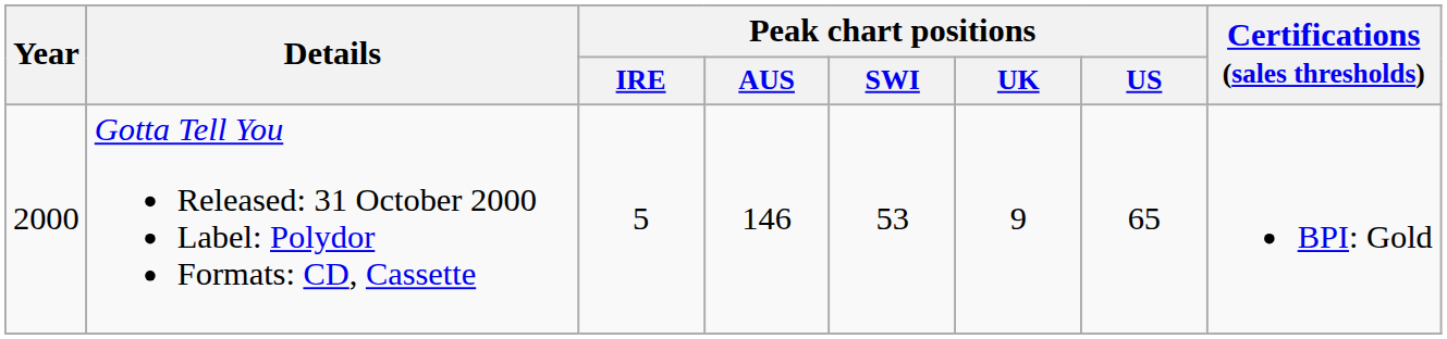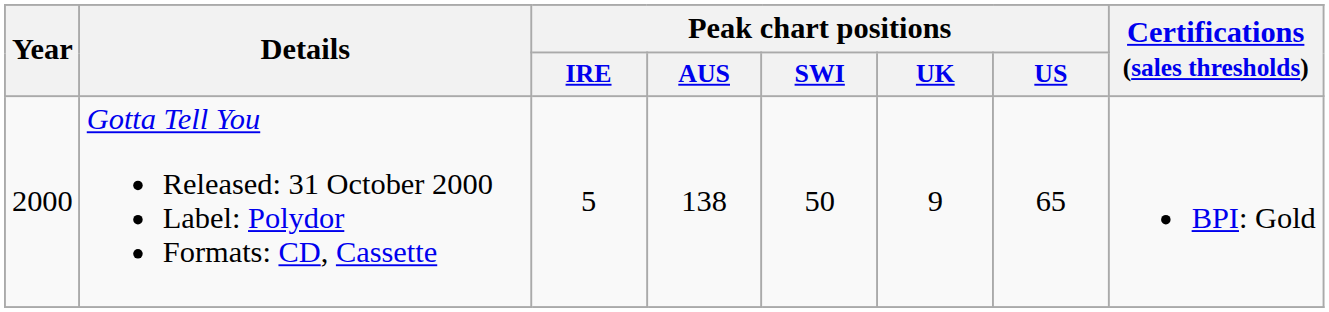 <table class="wikitable" style="text-align:center;">
 <tr>
 <th rowspan="2">Year</th>
 <th rowspan="2" style="width:230px;">Details</th>
 <th colspan="5">Peak chart positions</th>
 <th rowspan="2"><a href='#'>Certifications</a><br><small>(<a href='#'>sales thresholds</a>)</small></th>
 </tr>
 <tr>
 <th style="width:4em;font-size:85%"><a href='#'>IRE</a><br></th>
 <th style="width:4em;font-size:85%"><a href='#'>AUS</a><br></th>
 <th style="width:4em;font-size:85%"><a href='#'>SWI</a><br></th>
 <th style="width:4em;font-size:85%"><a href='#'>UK</a><br></th>
 <th style="width:4em;font-size:85%"><a href='#'>US</a><br></th>
 </tr>
 <tr>
 <td>2000</td>
 <td align="left"><em><a href='#'>Gotta Tell You</a></em><br><ul><li>Released: 31 October 2000</li><li>Label: <a href='#'>Polydor</a></li><li>Formats: <a href='#'>CD</a>, <a href='#'>Cassette</a></li></ul></td>
 <td>5</td>
-<td>146</td>
-<td>53</td>
+<td>138</td>
+<td>50</td>
 <td>9</td>
 <td>65</td>
 <td><br><ul><li><a href='#'>BPI</a>: Gold</li></ul></td>
 </tr>
 </table>
